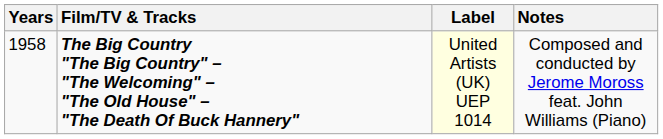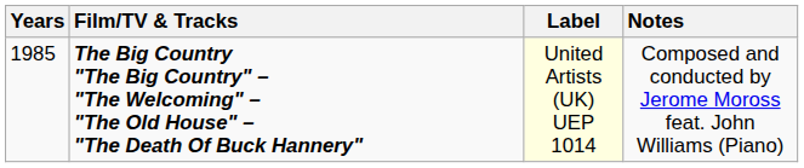 <table class="wikitable">
 <tr>
 <th style="vertical-align:top; text-align:left; width:40px;">Years</th>
 <th style="vertical-align:top; text-align:left; width:350px;">Film/TV & Tracks</th>
 <th style="vertical-align:top; text-align:center; width:70px;">Label</th>
 <th style="vertical-align:top; text-align:left; width:130px;">Notes</th>
 </tr>
 <tr style="vertical-align:top;">
-<td style="text-align:left; ">1958</td>
+<td style="text-align:left; ">1985</td>
 <td style="text-align:left; "><strong><em>The Big Country<em><strong><br>"The Big Country" –<br>"The Welcoming" –<br>"The Old House" –<br>"The Death Of Buck Hannery"</td>
 <td style="background: lightyellow; text-align:center; ">United Artists (UK) UEP 1014</td>
 <td style="text-align:center; ">Composed and conducted by <a href='#'>Jerome Moross</a> feat. John Williams (Piano)</td>
 </tr>
 </table>
